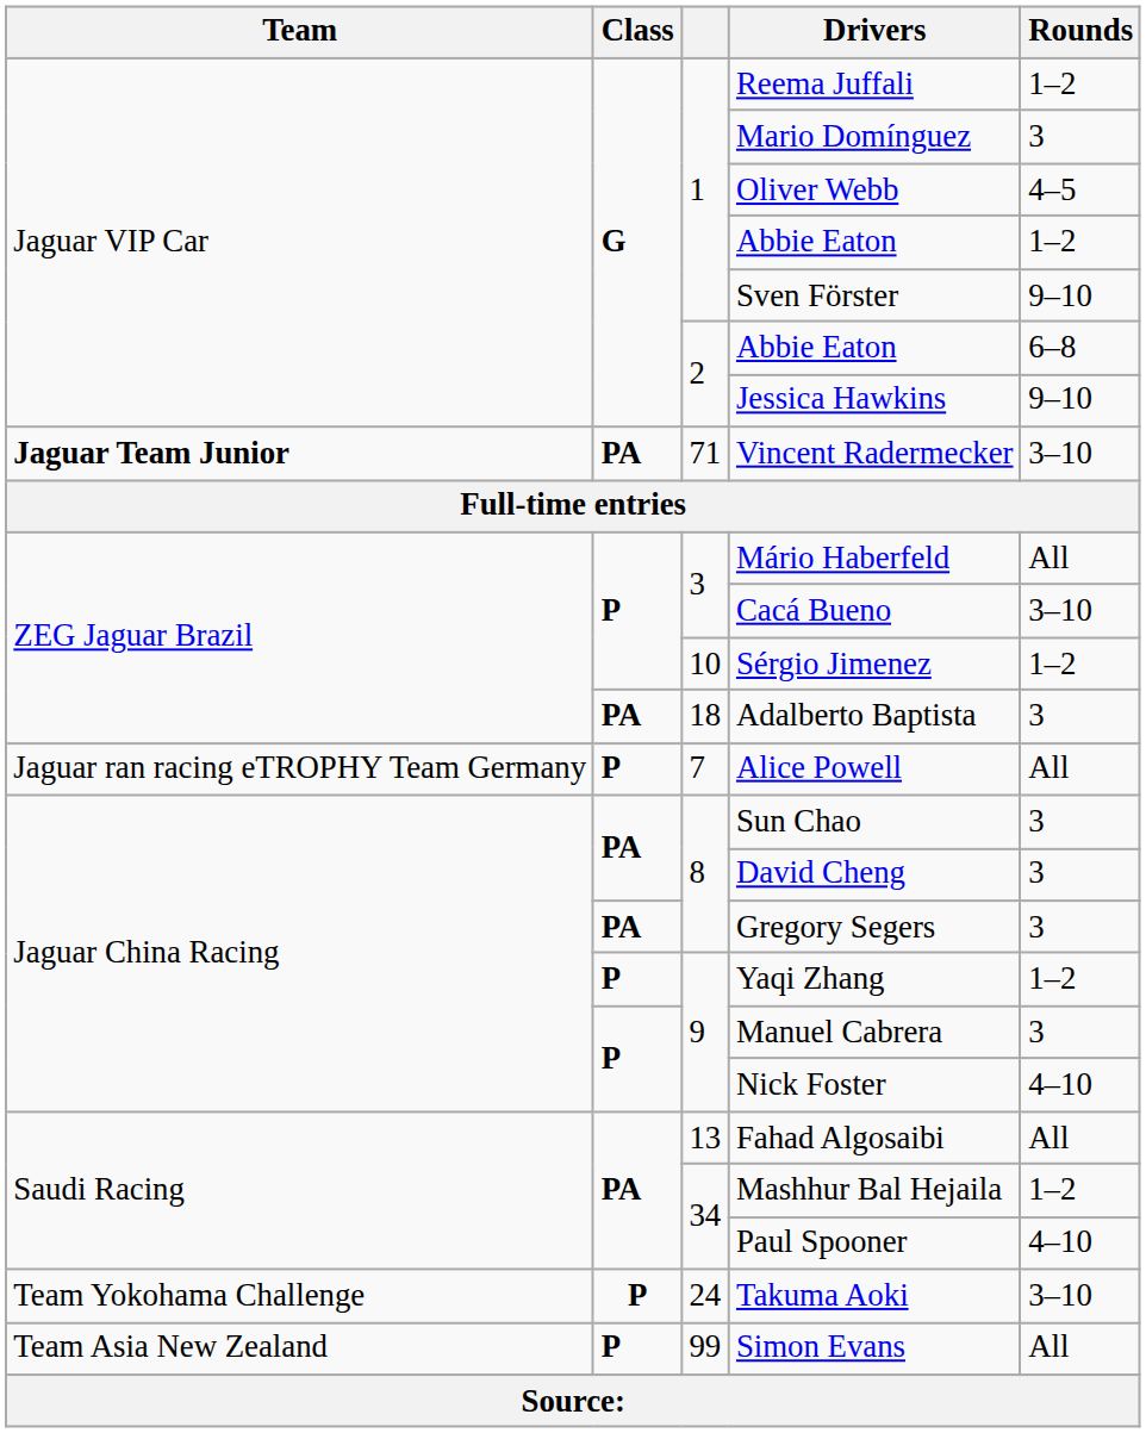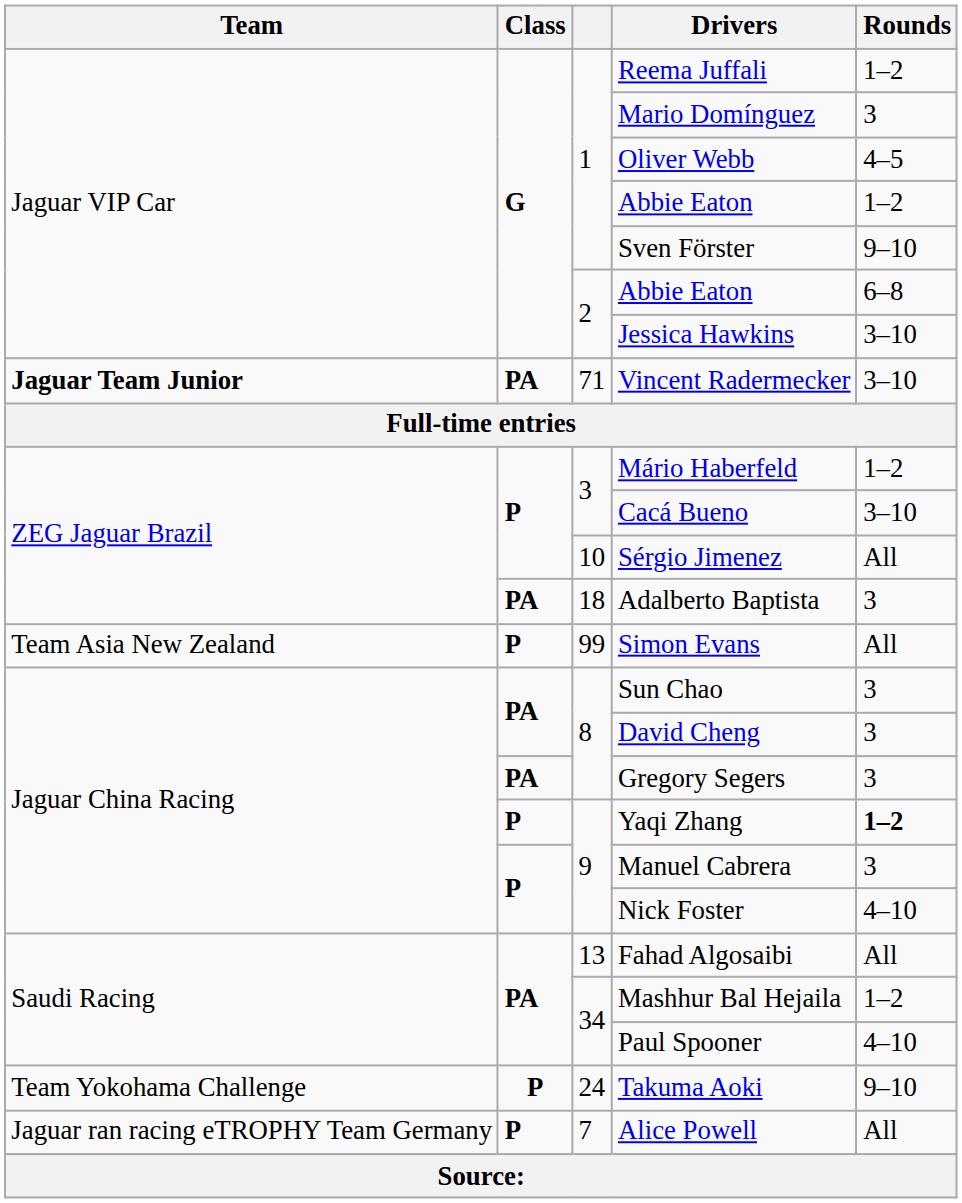 <table class="wikitable" style="font-size:85%; display: inline-table;">
 <tr>
 <th>Team</th>
 <th>Class</th>
 <th></th>
 <th>Drivers</th>
 <th>Rounds</th>
 </tr>
 <tr>
 <td rowspan=7> Jaguar VIP Car</td>
 <td rowspan=7><div><strong><span>G</span></strong></div></td>
 <td rowspan=5>1</td>
 <td> <a href='#'>Reema Juffali</a></td>
 <td>1–2</td>
 </tr>
 <tr>
 <td> <a href='#'>Mario Domínguez</a></td>
 <td>3</td>
 </tr>
 <tr>
 <td> <a href='#'>Oliver Webb</a></td>
 <td>4–5</td>
 </tr>
 <tr>
 <td> <a href='#'>Abbie Eaton</a></td>
 <td>1–2</td>
 </tr>
 <tr>
 <td> Sven Förster</td>
 <td>9–10</td>
 </tr>
 <tr>
 <td rowspan=2>2</td>
 <td> <a href='#'>Abbie Eaton</a></td>
 <td>6–8</td>
 </tr>
 <tr>
 <td> <a href='#'>Jessica Hawkins</a></td>
-<td>9–10</td>
+<td>3–10</td>
 </tr>
 <tr>
 <td><strong> Jaguar Team Junior</strong></td>
 <td><div><strong><span>PA</span></strong></div></td>
 <td>71</td>
 <td> <a href='#'>Vincent Radermecker</a></td>
 <td>3–10</td>
 </tr>
 <tr>
 <th colspan=5>Full-time entries</th>
 </tr>
 <tr>
 <td rowspan=4> <a href='#'>ZEG  Jaguar Brazil</a></td>
 <td rowspan=3><div><strong><span>P</span></strong></div></td>
 <td rowspan=2>3</td>
 <td> <a href='#'>Mário Haberfeld</a></td>
-<td>All</td>
+<td>1–2</td>
 </tr>
 <tr>
 <td> <a href='#'>Cacá Bueno</a></td>
 <td>3–10</td>
 </tr>
 <tr>
 <td>10</td>
 <td> <a href='#'>Sérgio Jimenez</a></td>
-<td>1–2</td>
+<td>All</td>
 </tr>
 <tr>
 <td><div><strong><span>PA</span></strong></div></td>
 <td>18</td>
 <td> Adalberto Baptista</td>
 <td>3</td>
 </tr>
 <tr>
-<td> Jaguar ran racing eTROPHY Team Germany</td>
+<td>   Team Asia New Zealand</td>
 <td><div><strong><span>P</span></strong></div></td>
-<td>7</td>
-<td> <a href='#'>Alice Powell</a></td>
+<td>99</td>
+<td> <a href='#'>Simon Evans</a></td>
 <td>All</td>
 </tr>
 <tr>
 <td rowspan=6> Jaguar China Racing</td>
 <td rowspan=2><div><strong><span>PA</span></strong></div></td>
 <td rowspan=3>8</td>
 <td> Sun Chao</td>
 <td>3</td>
 </tr>
 <tr>
 <td> <a href='#'>David Cheng</a></td>
 <td>3</td>
 </tr>
 <tr>
 <td><div><strong><span>PA</span></strong></div></td>
 <td> Gregory Segers</td>
 <td>3</td>
 </tr>
 <tr>
 <td><div><strong><span>P</span></strong></div></td>
 <td rowspan=3>9</td>
 <td> Yaqi Zhang</td>
-<td>1–2</td>
+<td><strong>1–2</strong></td>
 </tr>
 <tr>
 <td rowspan=2><div><strong><span>P</span></strong></div></td>
 <td> Manuel Cabrera</td>
 <td>3</td>
 </tr>
 <tr>
 <td> Nick Foster</td>
 <td>4–10</td>
 </tr>
 <tr>
 <td rowspan=3> Saudi Racing</td>
 <td rowspan=3><div><strong><span>PA</span></strong></div></td>
 <td>13</td>
 <td> Fahad Algosaibi</td>
 <td>All</td>
 </tr>
 <tr>
 <td rowspan=2>34</td>
 <td> Mashhur Bal Hejaila</td>
 <td>1–2</td>
 </tr>
 <tr>
 <td> Paul Spooner</td>
 <td>4–10</td>
 </tr>
 <tr>
 <td> Team Yokohama Challenge</td>
 <td align=center><div><strong><span>P</span></strong></div></td>
 <td>24</td>
 <td> <a href='#'>Takuma Aoki</a></td>
-<td>3–10</td>
+<td>9–10</td>
 </tr>
 <tr>
-<td>   Team Asia New Zealand</td>
+<td> Jaguar ran racing eTROPHY Team Germany</td>
 <td><div><strong><span>P</span></strong></div></td>
-<td>99</td>
-<td> <a href='#'>Simon Evans</a></td>
+<td>7</td>
+<td> <a href='#'>Alice Powell</a></td>
 <td>All</td>
 </tr>
 <tr>
 <th colspan=5>Source:</th>
 </tr>
 </table>
